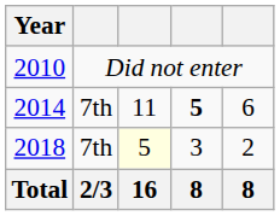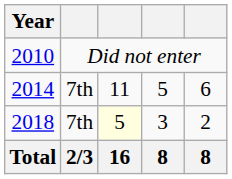 <table class="wikitable" style="text-align: center;">
 <tr>
 <th>Year</th>
 <th></th>
 <th width=25px></th>
 <th width=25px></th>
 <th width=25px></th>
 </tr>
 <tr>
 <td> <a href='#'>2010</a></td>
 <td colspan=4><em>Did not enter</em></td>
 </tr>
 <tr>
 <td> <a href='#'>2014</a></td>
 <td>7th</td>
 <td>11</td>
-<td><strong>5</strong></td>
+<td>5</td>
 <td>6</td>
 </tr>
 <tr>
 <td> <a href='#'>2018</a></td>
 <td>7th</td>
 <td style="background: lightyellow;">5</td>
 <td>3</td>
 <td>2</td>
 </tr>
 <tr>
 <th>Total</th>
 <th>2/3</th>
 <th>16</th>
 <th>8</th>
 <th>8</th>
 </tr>
 </table>
